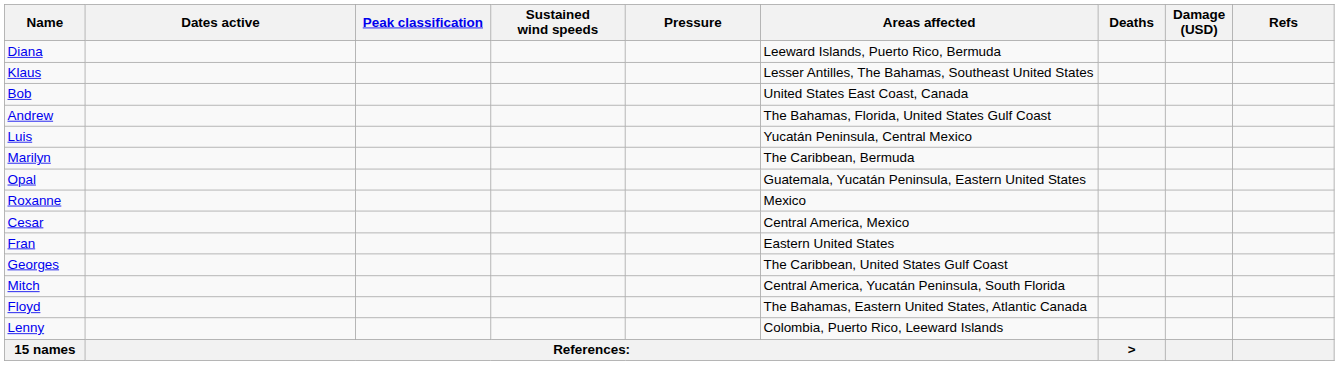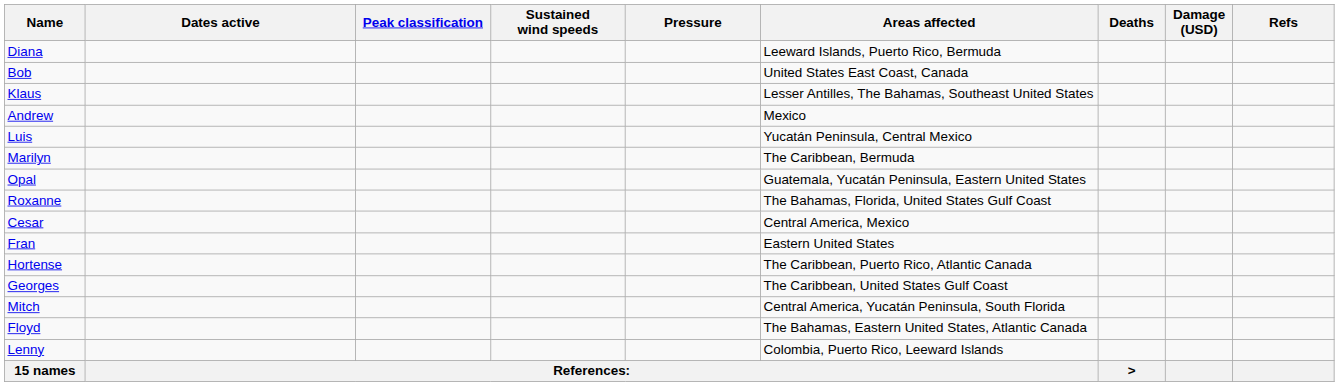 <table class="wikitable sortable" width="100%">
 <tr>
 <th scope="col" width="6%">Name</th>
 <th scope="col" width="20%">Dates active</th>
 <th scope="col" width="10%"><a href='#'>Peak classification</a></th>
 <th scope="col" width="10%">Sustained<br>wind speeds</th>
 <th scope="col" width="10%">Pressure</th>
 <th scope="col" width="25%" class="unsortable">Areas affected</th>
 <th scope="col" width="5%">Deaths</th>
 <th scope="col" width="5%">Damage<br>(USD)</th>
 <th scope="col" width="7.5%" class="unsortable">Refs</th>
 </tr>
 <tr>
 <td><a href='#'>Diana</a></td>
 <td></td>
 <td></td>
 <td></td>
 <td></td>
 <td>Leeward Islands, Puerto Rico, Bermuda</td>
 <td></td>
 <td></td>
 <td></td>
 </tr>
 <tr>
+<td><a href='#'>Bob</a></td>
+<td></td>
+<td></td>
+<td></td>
+<td></td>
+<td>United States East Coast, Canada</td>
+<td></td>
+<td></td>
+<td></td>
+</tr>
+<tr>
 <td><a href='#'>Klaus</a></td>
 <td></td>
 <td></td>
 <td></td>
 <td></td>
 <td>Lesser Antilles, The Bahamas, Southeast United States</td>
 <td></td>
 <td></td>
 <td></td>
 </tr>
 <tr>
-<td><a href='#'>Bob</a></td>
-<td></td>
-<td></td>
-<td></td>
-<td></td>
-<td>United States East Coast, Canada</td>
-<td></td>
-<td></td>
-<td></td>
-</tr>
-<tr>
 <td><a href='#'>Andrew</a></td>
 <td></td>
 <td></td>
 <td></td>
 <td></td>
-<td>The Bahamas, Florida, United States Gulf Coast</td>
+<td>Mexico</td>
 <td></td>
 <td></td>
 <td></td>
 </tr>
 <tr>
 <td><a href='#'>Luis</a></td>
 <td></td>
 <td></td>
 <td></td>
 <td></td>
 <td>Yucatán Peninsula, Central Mexico</td>
 <td></td>
 <td></td>
 <td></td>
 </tr>
 <tr>
 <td><a href='#'>Marilyn</a></td>
 <td></td>
 <td></td>
 <td></td>
 <td></td>
 <td>The Caribbean, Bermuda</td>
 <td></td>
 <td></td>
 <td></td>
 </tr>
 <tr>
 <td><a href='#'>Opal</a></td>
 <td></td>
 <td></td>
 <td></td>
 <td></td>
 <td>Guatemala, Yucatán Peninsula, Eastern United States</td>
 <td></td>
 <td></td>
 <td></td>
 </tr>
 <tr>
 <td><a href='#'>Roxanne</a></td>
 <td></td>
 <td></td>
 <td></td>
 <td></td>
-<td>Mexico</td>
+<td>The Bahamas, Florida, United States Gulf Coast</td>
 <td></td>
 <td></td>
 <td></td>
 </tr>
 <tr>
 <td><a href='#'>Cesar</a></td>
 <td></td>
 <td></td>
 <td></td>
 <td></td>
 <td>Central America, Mexico</td>
 <td></td>
 <td></td>
 <td></td>
 </tr>
 <tr>
 <td><a href='#'>Fran</a></td>
 <td></td>
 <td></td>
 <td></td>
 <td></td>
 <td>Eastern United States</td>
+<td></td>
+<td></td>
+<td></td>
+</tr>
+<tr>
+<td><a href='#'>Hortense</a></td>
+<td></td>
+<td></td>
+<td></td>
+<td></td>
+<td>The Caribbean, Puerto Rico, Atlantic Canada</td>
 <td></td>
 <td></td>
 <td></td>
 </tr>
 <tr>
 <td><a href='#'>Georges</a></td>
 <td></td>
 <td></td>
 <td></td>
 <td></td>
 <td>The Caribbean, United States Gulf Coast</td>
 <td></td>
 <td></td>
 <td></td>
 </tr>
 <tr>
 <td><a href='#'>Mitch</a></td>
 <td></td>
 <td></td>
 <td></td>
 <td></td>
 <td>Central America, Yucatán Peninsula, South Florida</td>
 <td></td>
 <td></td>
 <td></td>
 </tr>
 <tr>
 <td><a href='#'>Floyd</a></td>
 <td></td>
 <td></td>
 <td></td>
 <td></td>
 <td>The Bahamas, Eastern United States, Atlantic Canada</td>
 <td></td>
 <td></td>
 <td></td>
 </tr>
 <tr>
 <td><a href='#'>Lenny</a></td>
 <td></td>
 <td></td>
 <td></td>
 <td></td>
 <td>Colombia, Puerto Rico, Leeward Islands</td>
 <td></td>
 <td></td>
 <td></td>
 </tr>
 <tr class="sortbottom">
 <th>15 names</th>
 <th colspan=5>References:</th>
 <th>></th>
 <th></th>
 <th></th>
 </tr>
 </table>
